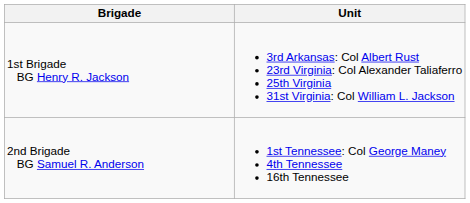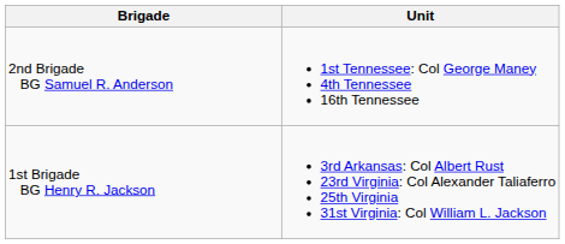 <table class="wikitable">
 <tr>
 <th width=50%>Brigade</th>
 <th width=50%>Unit</th>
 </tr>
 <tr>
+<td>2nd Brigade<br>   BG <a href='#'>Samuel R. Anderson</a></td>
+<td><br><ul><li><a href='#'>1st Tennessee</a>: Col <a href='#'>George Maney</a></li><li><a href='#'>4th Tennessee</a></li><li>16th Tennessee</li></ul></td>
+</tr>
+<tr>
 <td>1st Brigade<br>   BG <a href='#'>Henry R. Jackson</a></td>
 <td><br><ul><li><a href='#'>3rd Arkansas</a>: Col <a href='#'>Albert Rust</a></li><li><a href='#'>23rd Virginia</a>: Col Alexander Taliaferro</li><li><a href='#'>25th Virginia</a></li><li><a href='#'>31st Virginia</a>: Col <a href='#'>William L. Jackson</a></li></ul></td>
 </tr>
-<tr>
-<td>2nd Brigade<br>   BG <a href='#'>Samuel R. Anderson</a></td>
-<td><br><ul><li><a href='#'>1st Tennessee</a>: Col <a href='#'>George Maney</a></li><li><a href='#'>4th Tennessee</a></li><li>16th Tennessee</li></ul></td>
-</tr>
 </table>
